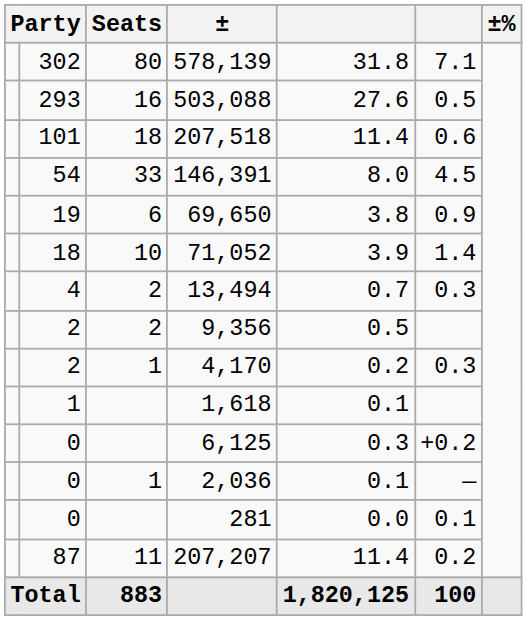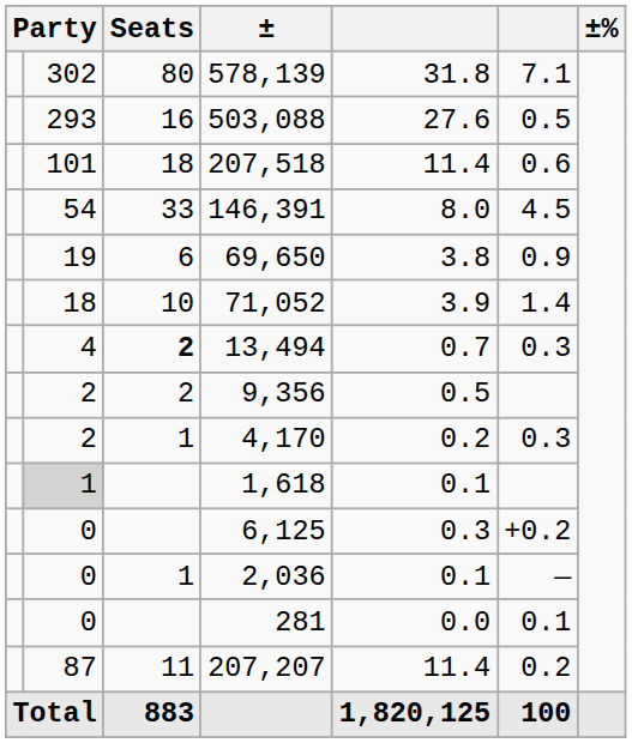 <table class="wikitable" padding-left:1em">
 <tr>
 <th colspan="2" rowspan="1" align="center">Party</th>
 <th>Seats</th>
 <th align=center>±</th>
 <th></th>
 <th></th>
 <th align=center>±%</th>
 </tr>
 <tr>
 <td></td>
 <td align="right">302</td>
 <td align="right">80</td>
 <td align="right">578,139</td>
 <td align="right">31.8</td>
 <td align="right">7.1</td>
 </tr>
 <tr>
 <td></td>
 <td align="right">293</td>
 <td align="right">16</td>
 <td align="right">503,088</td>
 <td align="right">27.6</td>
 <td align="right">0.5</td>
 </tr>
 <tr>
 <td></td>
 <td align="right">101</td>
 <td align="right">18</td>
 <td align="right">207,518</td>
 <td align="right">11.4</td>
 <td align="right">0.6</td>
 </tr>
 <tr>
 <td></td>
 <td align="right">54</td>
 <td align="right">33</td>
 <td align="right">146,391</td>
 <td align="right">8.0</td>
 <td align="right">4.5</td>
 </tr>
 <tr>
 <td></td>
 <td align="right">19</td>
 <td align="right">6</td>
 <td align="right">69,650</td>
 <td align="right">3.8</td>
 <td align="right">0.9</td>
 </tr>
 <tr>
 <td></td>
 <td align="right">18</td>
 <td align="right">10</td>
 <td align="right">71,052</td>
 <td align="right">3.9</td>
 <td align="right">1.4</td>
 </tr>
 <tr>
 <td></td>
 <td align="right">4</td>
-<td align="right">2</td>
+<td align="right"><strong>2</strong></td>
 <td align="right">13,494</td>
 <td align="right">0.7</td>
 <td align="right">0.3</td>
 </tr>
 <tr>
 <td></td>
 <td align="right">2</td>
 <td align="right">2</td>
 <td align="right">9,356</td>
 <td align="right">0.5</td>
 <td align="right"></td>
 </tr>
 <tr>
 <td></td>
 <td align="right">2</td>
 <td align="right">1</td>
 <td align="right">4,170</td>
 <td align="right">0.2</td>
 <td align="right">0.3</td>
 </tr>
 <tr>
 <td></td>
-<td align="right">1</td>
+<td align="right" style="background: lightgrey;">1</td>
 <td align="right"></td>
 <td align="right">1,618</td>
 <td align="right">0.1</td>
 <td align="right"></td>
 </tr>
 <tr>
 <td></td>
 <td align="right">0</td>
 <td align="right"></td>
 <td align="right">6,125</td>
 <td align="right">0.3</td>
 <td align="right">+0.2</td>
 </tr>
 <tr>
 <td></td>
 <td align="right">0</td>
 <td align="right">1</td>
 <td align="right">2,036</td>
 <td align="right">0.1</td>
 <td align="right">—</td>
 </tr>
 <tr>
 <td></td>
 <td align="right">0</td>
 <td align="right"></td>
 <td align="right">281</td>
 <td align="right">0.0</td>
 <td align="right">0.1</td>
 </tr>
 <tr>
 <td></td>
 <td align="right">87</td>
 <td align="right">11</td>
 <td align="right">207,207</td>
 <td align="right">11.4</td>
 <td align="right">0.2</td>
 </tr>
 <tr style="font-weight:bold; background:rgb(232,232,232);">
 <td colspan="2" rowspan="1">Total</td>
 <td align="right">883</td>
 <td align="right"></td>
 <td align="right">1,820,125</td>
 <td align="right">100</td>
 <td></td>
 </tr>
 </table>
